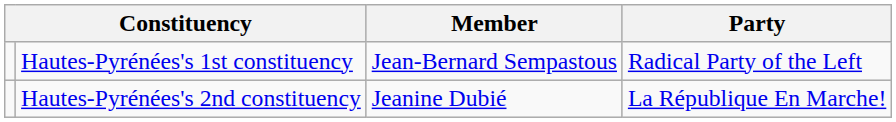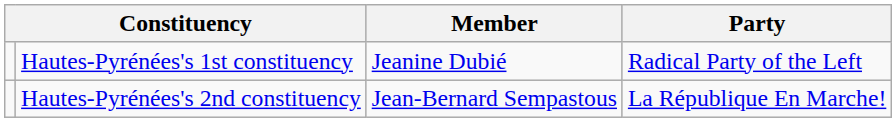 <table class="wikitable">
 <tr>
 <th colspan="2">Constituency</th>
 <th>Member</th>
 <th>Party</th>
 </tr>
 <tr>
 <td style="background-color: "></td>
 <td><a href='#'>Hautes-Pyrénées's 1st constituency</a></td>
-<td><a href='#'>Jean-Bernard Sempastous</a></td>
+<td><a href='#'>Jeanine Dubié</a></td>
 <td><a href='#'>Radical Party of the Left</a></td>
 </tr>
 <tr>
 <td style="background-color: "></td>
 <td><a href='#'>Hautes-Pyrénées's 2nd constituency</a></td>
-<td><a href='#'>Jeanine Dubié</a></td>
+<td><a href='#'>Jean-Bernard Sempastous</a></td>
 <td><a href='#'>La République En Marche!</a></td>
 </tr>
 </table>
